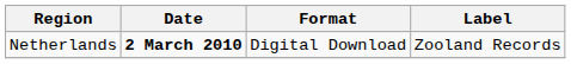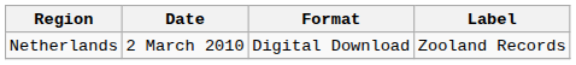 <table class=wikitable>
 <tr>
 <th>Region</th>
 <th>Date</th>
 <th>Format</th>
 <th>Label</th>
 </tr>
 <tr>
 <td>Netherlands</td>
-<td><strong>2 March 2010</strong></td>
+<td>2 March 2010</td>
 <td>Digital Download</td>
 <td>Zooland Records</td>
 </tr>
 <tr>
 </tr>
 </table>
